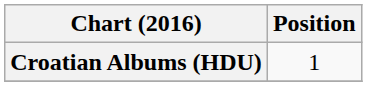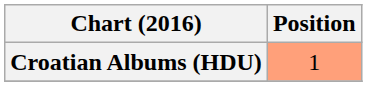 <table class="wikitable sortable plainrowheaders" style="text-align:center">
 <tr>
 <th scope="col">Chart (2016)</th>
 <th scope="col">Position</th>
 </tr>
 <tr>
 <th scope="row">Croatian Albums (HDU)</th>
-<td>1</td>
+<td style="background: lightsalmon;">1</td>
 </tr>
 <tr>
 </tr>
 </table>
